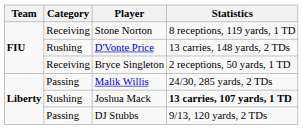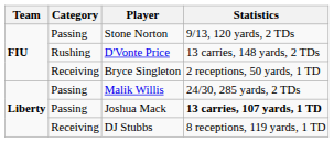 <table class="wikitable" style="float: left;">
 <tr>
 <th>Team</th>
 <th>Category</th>
 <th>Player</th>
 <th>Statistics</th>
 </tr>
 <tr>
 <td rowspan=3><strong>FIU</strong></td>
-<td>Receiving</td>
+<td>Passing</td>
 <td>Stone Norton</td>
-<td>8 receptions, 119 yards, 1 TD</td>
+<td>9/13, 120 yards, 2 TDs</td>
 </tr>
 <tr>
 <td>Rushing</td>
 <td><a href='#'>D'Vonte Price</a></td>
 <td>13 carries, 148 yards, 2 TDs</td>
 </tr>
 <tr>
 <td>Receiving</td>
 <td>Bryce Singleton</td>
 <td>2 receptions, 50 yards, 1 TD</td>
 </tr>
 <tr>
 <td rowspan=3><strong>Liberty</strong></td>
 <td>Passing</td>
 <td><a href='#'>Malik Willis</a></td>
 <td>24/30, 285 yards, 2 TDs</td>
 </tr>
 <tr>
-<td>Rushing</td>
+<td>Passing</td>
 <td>Joshua Mack</td>
 <td><strong>13 carries, 107 yards, 1 TD</strong></td>
 </tr>
 <tr>
-<td>Passing</td>
+<td>Receiving</td>
 <td>DJ Stubbs</td>
-<td>9/13, 120 yards, 2 TDs</td>
+<td>8 receptions, 119 yards, 1 TD</td>
 </tr>
 </table>
